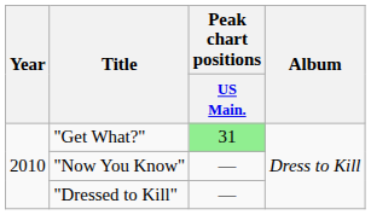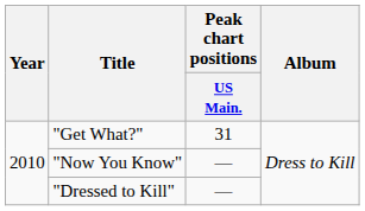 <table class="wikitable">
 <tr>
 <th rowspan="2">Year</th>
 <th rowspan="2">Title</th>
 <th colspan="1">Peak chart positions</th>
 <th rowspan="2">Album</th>
 </tr>
 <tr>
 <th style="width:40px;"><small><a href='#'>US<br>Main.</a></small></th>
 </tr>
 <tr>
 <td align="center" rowspan="3">2010</td>
 <td>"Get What?"</td>
-<td style="background: lightgreen; text-align:center;">31</td>
+<td style="text-align:center;">31</td>
 <td rowspan="3"><em>Dress to Kill</em></td>
 </tr>
 <tr>
 <td>"Now You Know"</td>
 <td style="text-align:center;">—</td>
 </tr>
 <tr>
 <td>"Dressed to Kill"</td>
 <td style="text-align:center;">—</td>
 </tr>
 </table>
